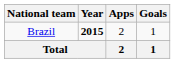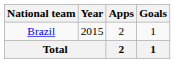 <table class="wikitable" style="text-align:center">
 <tr>
 <th>National team</th>
 <th>Year</th>
 <th>Apps</th>
 <th>Goals</th>
 </tr>
 <tr>
 <td><a href='#'>Brazil</a></td>
-<td><strong>2015</strong></td>
+<td>2015</td>
 <td>2</td>
 <td>1</td>
 </tr>
 <tr>
 <th colspan="2">Total</th>
 <th>2</th>
 <th>1</th>
 </tr>
 </table>
